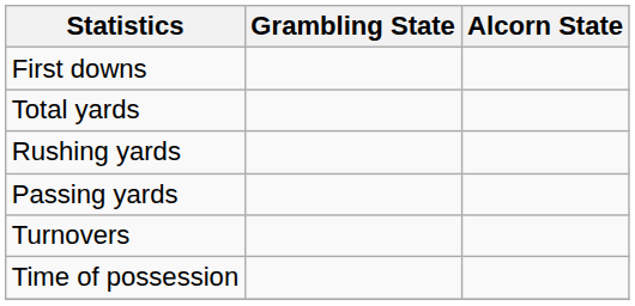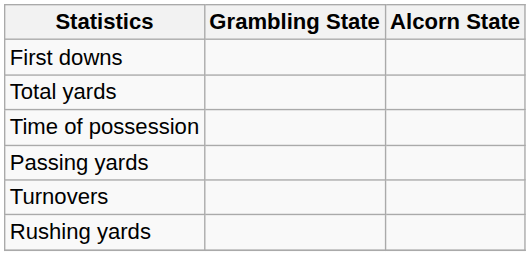 <table class="wikitable">
 <tr>
 <th>Statistics</th>
 <th>Grambling State</th>
 <th>Alcorn State</th>
 </tr>
 <tr>
 <td>First downs</td>
 <td> </td>
 <td> </td>
 </tr>
 <tr>
 <td>Total yards</td>
 <td> </td>
 <td> </td>
 </tr>
 <tr>
-<td>Rushing yards</td>
+<td>Time of possession</td>
 <td> </td>
 <td> </td>
 </tr>
 <tr>
 <td>Passing yards</td>
 <td> </td>
 <td> </td>
 </tr>
 <tr>
 <td>Turnovers</td>
 <td> </td>
 <td> </td>
 </tr>
 <tr>
-<td>Time of possession</td>
+<td>Rushing yards</td>
 <td> </td>
 <td> </td>
 </tr>
 <tr>
 </tr>
 </table>
